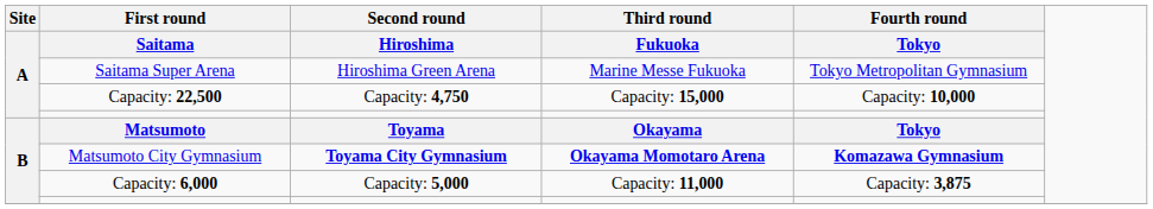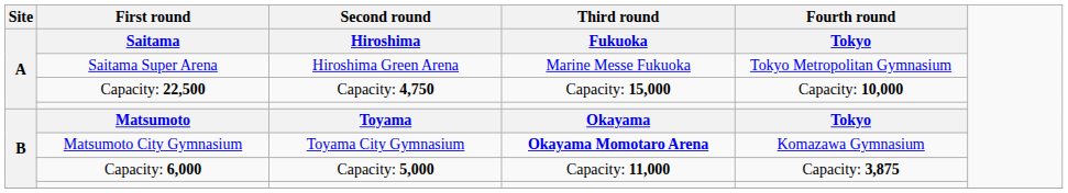 <table class="wikitable" style=text-align:center>
 <tr>
 <th width=3%>Site</th>
 <th width=22%>First round</th>
 <th width=22%>Second round</th>
 <th width=22%>Third round</th>
 <th width=22%>Fourth round</th>
 <td width=22% rowspan=9></td>
 </tr>
 <tr>
 <th scope=row rowspan=4>A</th>
 <th><a href='#'>Saitama</a></th>
 <th><a href='#'>Hiroshima</a></th>
 <th><a href='#'>Fukuoka</a></th>
 <th><a href='#'>Tokyo</a></th>
 </tr>
 <tr>
 <td><a href='#'>Saitama Super Arena</a></td>
 <td><a href='#'>Hiroshima Green Arena</a></td>
 <td><a href='#'>Marine Messe Fukuoka</a></td>
 <td><a href='#'>Tokyo Metropolitan Gymnasium</a></td>
 </tr>
 <tr>
 <td>Capacity: <strong>22,500</strong></td>
 <td>Capacity: <strong>4,750</strong></td>
 <td>Capacity: <strong>15,000</strong></td>
 <td>Capacity: <strong>10,000</strong></td>
 </tr>
 <tr>
 <td></td>
 <td></td>
 <td></td>
 <td></td>
 </tr>
 <tr>
 <th scope=row rowspan=4>B</th>
 <th><a href='#'>Matsumoto</a></th>
 <th><a href='#'>Toyama</a></th>
 <th><a href='#'>Okayama</a></th>
 <th><a href='#'>Tokyo</a></th>
 </tr>
 <tr>
 <td><a href='#'>Matsumoto City Gymnasium</a></td>
-<td><strong><a href='#'>Toyama City Gymnasium</a></strong></td>
+<td><a href='#'>Toyama City Gymnasium</a></td>
 <td><strong><a href='#'>Okayama Momotaro Arena</a></strong></td>
-<td><strong><a href='#'>Komazawa Gymnasium</a></strong></td>
+<td><a href='#'>Komazawa Gymnasium</a></td>
 </tr>
 <tr>
 <td>Capacity: <strong>6,000</strong></td>
 <td>Capacity: <strong>5,000</strong></td>
 <td>Capacity: <strong>11,000</strong></td>
 <td>Capacity: <strong>3,875</strong></td>
 </tr>
 <tr>
 <td></td>
 <td></td>
 <td></td>
 <td></td>
 </tr>
 <tr>
 </tr>
 </table>
